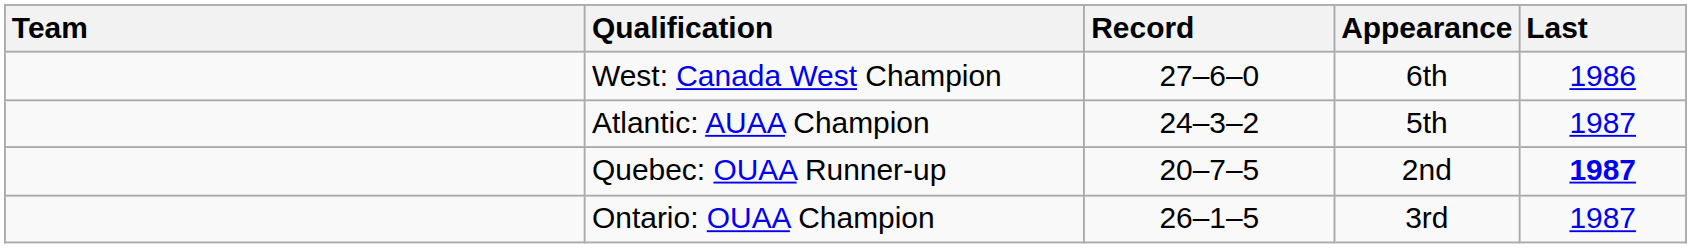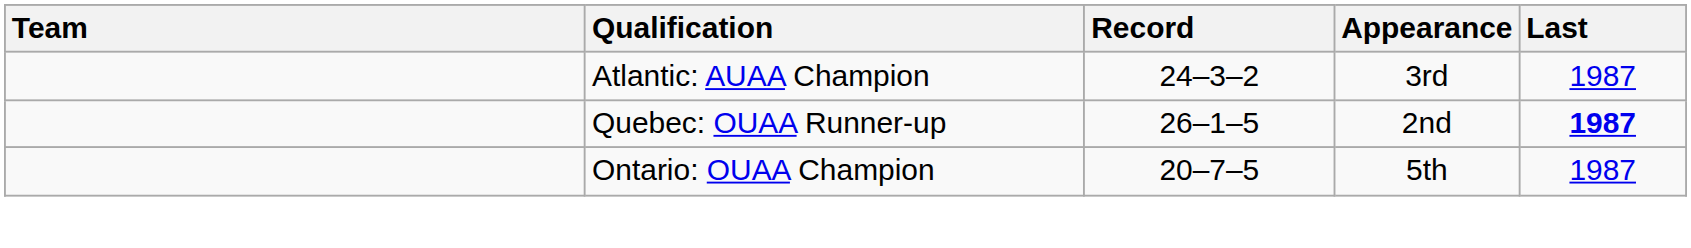 <table class="wikitable sortable" style="text-align: center;" width=900>
 <tr style="background:#efefef; text-align:center">
 <th style="text-align:left" width=35%>Team</th>
 <th style="text-align:left" width=30%>Qualification</th>
 <th style="text-align:left" width=15%>Record</th>
 <th style="text-align:left" width=10%>Appearance</th>
 <th style="text-align:left" width=10%>Last</th>
 </tr>
 <tr style="text-align:center">
 <td style="text-align:left; "><a href='#'></a></td>
-<td style="text-align:left">West: <a href='#'>Canada West</a> Champion</td>
-<td style="text-align:center">27–6–0</td>
-<td style="text-align:center">6th</td>
-<td style="text-align:center"><a href='#'>1986</a></td>
-</tr>
-<tr style="text-align:center">
-<td style="text-align:left; "><a href='#'></a></td>
 <td style="text-align:left">Atlantic: <a href='#'>AUAA</a> Champion</td>
 <td style="text-align:center">24–3–2</td>
-<td style="text-align:center">5th</td>
+<td style="text-align:center">3rd</td>
 <td style="text-align:center"><a href='#'>1987</a></td>
 </tr>
 <tr style="text-align:center">
 <td style="text-align:left; "><a href='#'></a></td>
 <td style="text-align:left">Quebec: <a href='#'>OUAA</a> Runner-up</td>
-<td style="text-align:center">20–7–5</td>
+<td style="text-align:center">26–1–5</td>
 <td style="text-align:center">2nd</td>
 <td style="text-align:center"><strong><a href='#'>1987</a></strong></td>
 </tr>
 <tr style="text-align:center">
 <td style="text-align:left; "><a href='#'></a></td>
 <td style="text-align:left">Ontario: <a href='#'>OUAA</a> Champion</td>
-<td style="text-align:center">26–1–5</td>
-<td style="text-align:center">3rd</td>
+<td style="text-align:center">20–7–5</td>
+<td style="text-align:center">5th</td>
 <td style="text-align:center"><a href='#'>1987</a></td>
 </tr>
 </table>
